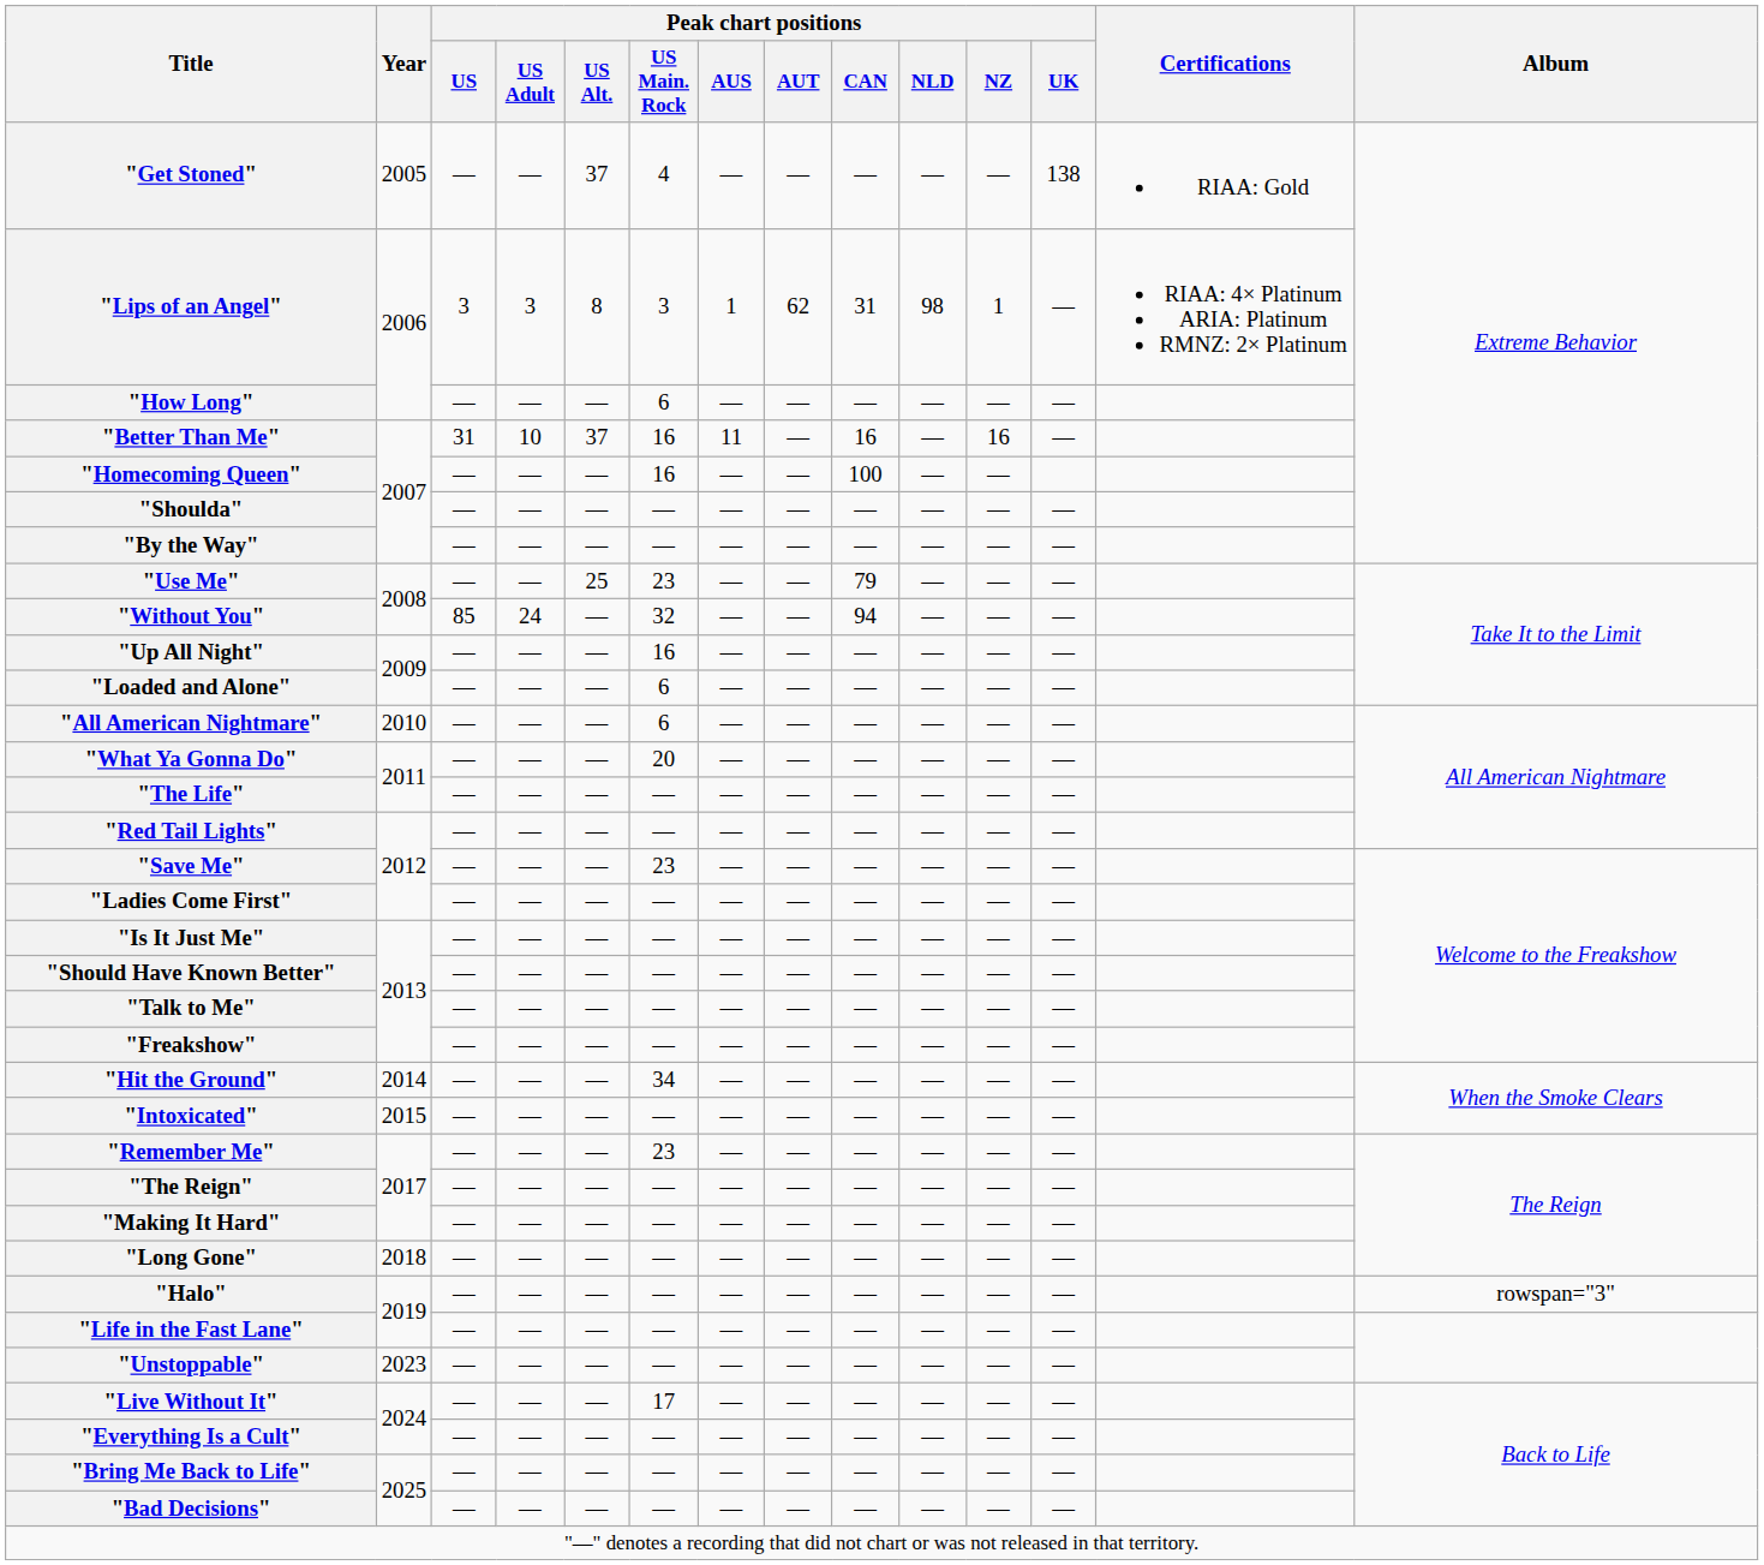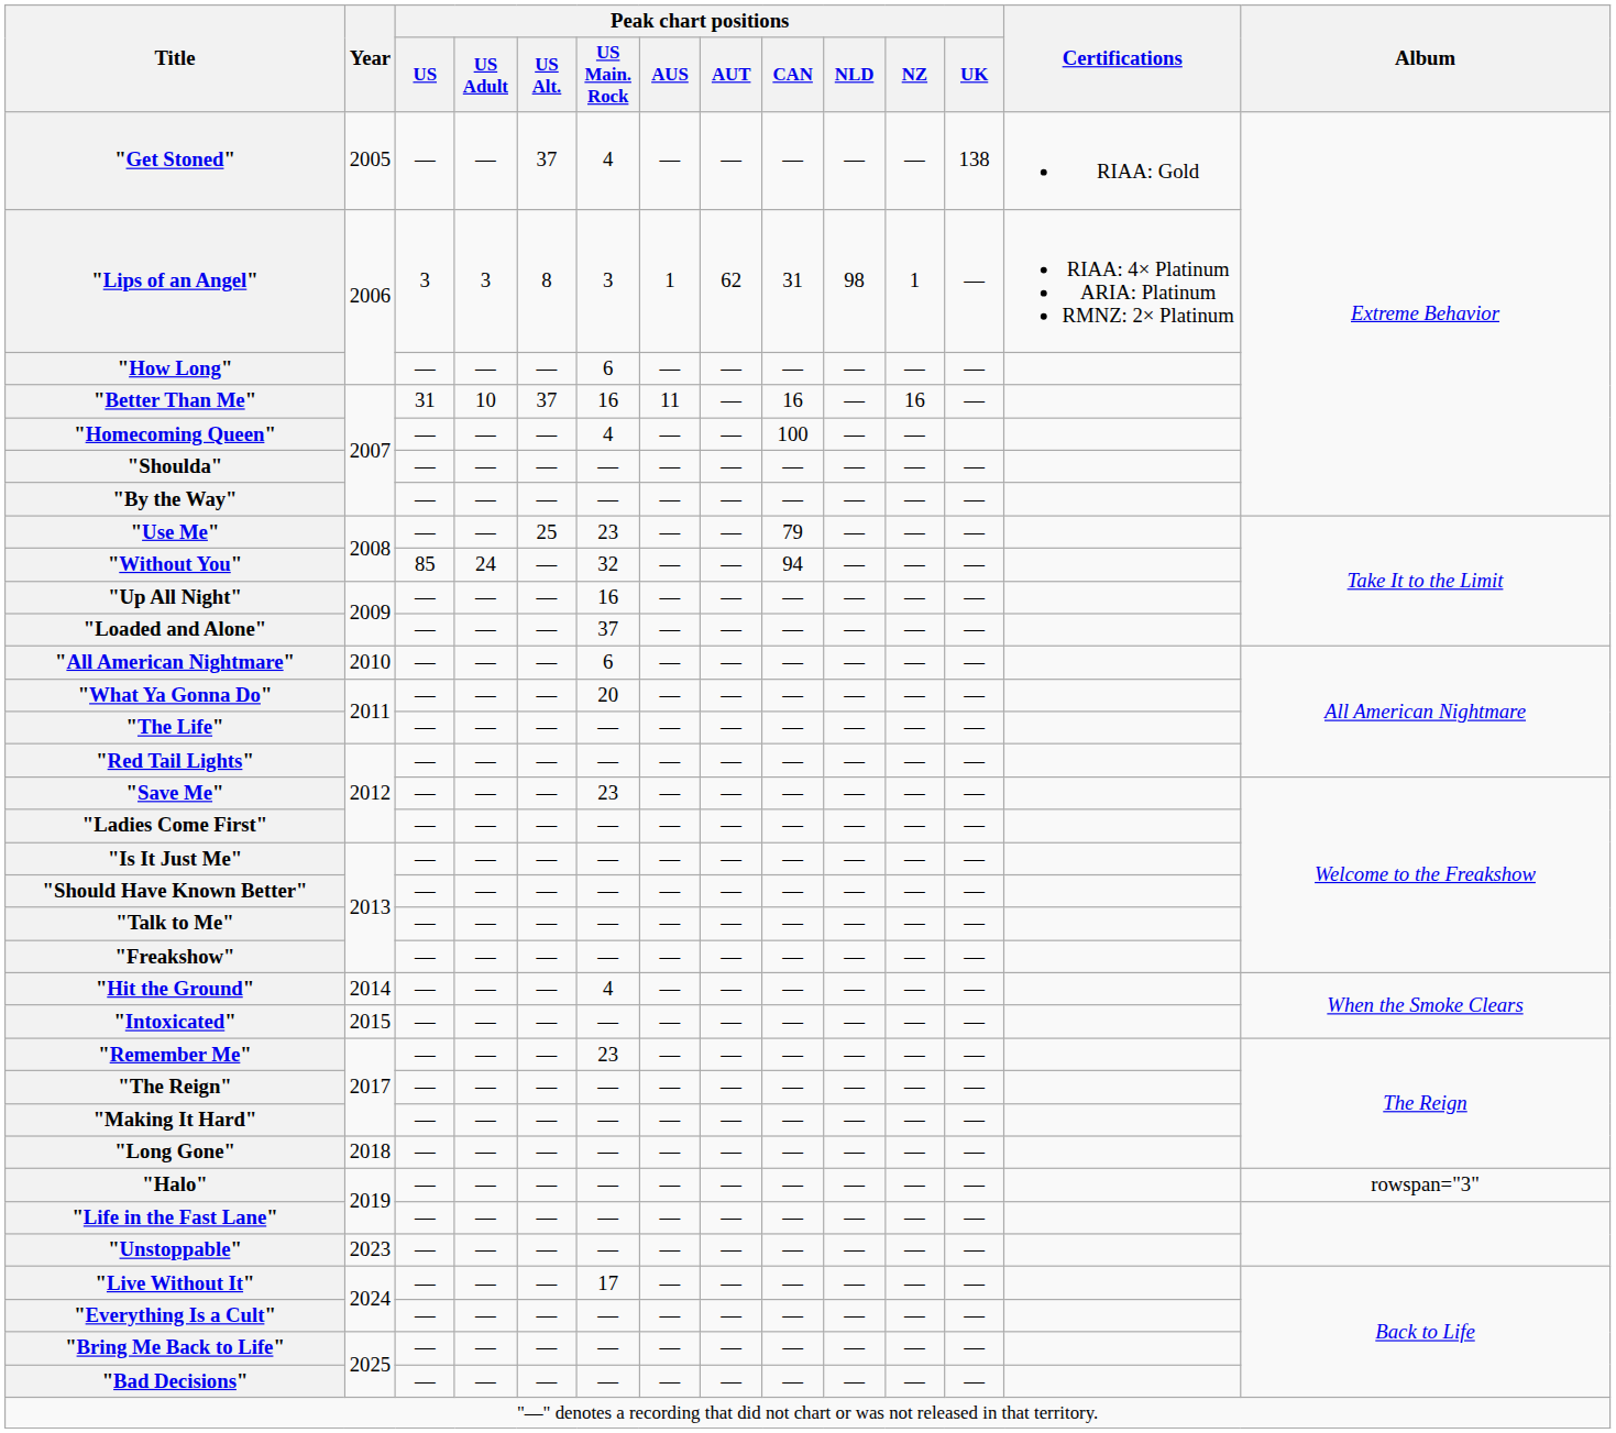 <table class="wikitable plainrowheaders" style="text-align:center;">
 <tr>
 <th scope="col" rowspan="2" style="width:18em;">Title</th>
 <th scope="col" rowspan="2">Year</th>
 <th scope="col" colspan="10">Peak chart positions</th>
 <th scope="col" rowspan="2" style="width:12em;"><a href='#'>Certifications</a></th>
 <th scope="col" rowspan="2" style="width:20em;">Album</th>
 </tr>
 <tr>
 <th scope="col" style="width:3em;font-size:90%;"><a href='#'>US</a><br></th>
 <th scope="col" style="width:3em;font-size:90%;"><a href='#'>US<br>Adult</a><br></th>
 <th scope="col" style="width:3em;font-size:90%;"><a href='#'>US<br>Alt.</a><br></th>
 <th scope="col" style="width:3em;font-size:90%;"><a href='#'>US<br>Main. Rock</a><br></th>
 <th scope="col" style="width:3em;font-size:90%;"><a href='#'>AUS</a><br></th>
 <th scope="col" style="width:3em;font-size:90%;"><a href='#'>AUT</a><br></th>
 <th scope="col" style="width:3em;font-size:90%;"><a href='#'>CAN</a><br></th>
 <th scope="col" style="width:3em;font-size:90%;"><a href='#'>NLD</a><br></th>
 <th scope="col" style="width:3em;font-size:90%;"><a href='#'>NZ</a><br></th>
 <th scope="col" style="width:3em;font-size:90%;"><a href='#'>UK</a><br></th>
 </tr>
 <tr>
 <th scope="row">"<a href='#'>Get Stoned</a>"</th>
 <td>2005</td>
 <td>—</td>
 <td>—</td>
 <td>37</td>
 <td>4</td>
 <td>—</td>
 <td>—</td>
 <td>—</td>
 <td>—</td>
 <td>—</td>
 <td>138</td>
 <td><br><ul><li>RIAA: Gold</li></ul></td>
 <td rowspan="7"><em><a href='#'>Extreme Behavior</a></em></td>
 </tr>
 <tr>
 <th scope="row">"<a href='#'>Lips of an Angel</a>"</th>
 <td rowspan="2">2006</td>
 <td>3</td>
 <td>3</td>
 <td>8</td>
 <td>3</td>
 <td>1</td>
 <td>62</td>
 <td>31</td>
 <td>98</td>
 <td>1</td>
 <td>—</td>
 <td><br><ul><li>RIAA: 4× Platinum</li><li>ARIA: Platinum</li><li>RMNZ: 2× Platinum</li></ul></td>
 </tr>
 <tr>
 <th scope="row">"<a href='#'>How Long</a>"</th>
 <td>—</td>
 <td>—</td>
 <td>—</td>
 <td>6</td>
 <td>—</td>
 <td>—</td>
 <td>—</td>
 <td>—</td>
 <td>—</td>
 <td>—</td>
 <td></td>
 </tr>
 <tr>
 <th scope="row">"<a href='#'>Better Than Me</a>"</th>
 <td rowspan="4">2007</td>
 <td>31</td>
 <td>10</td>
 <td>37</td>
 <td>16</td>
 <td>11</td>
 <td>—</td>
 <td>16</td>
 <td>—</td>
 <td>16</td>
 <td>—</td>
 <td></td>
 </tr>
 <tr>
 <th scope="row">"<a href='#'>Homecoming Queen</a>"</th>
 <td>—</td>
 <td>—</td>
 <td>—</td>
-<td>16</td>
+<td>4</td>
 <td>—</td>
 <td>—</td>
 <td>100</td>
 <td>—</td>
 <td>—</td>
 <td —></td>
 </tr>
 <tr>
 <th scope="row">"Shoulda"</th>
 <td>—</td>
 <td>—</td>
 <td>—</td>
 <td>—</td>
 <td>—</td>
 <td>—</td>
 <td>—</td>
 <td>—</td>
 <td>—</td>
 <td>—</td>
 <td></td>
 </tr>
 <tr>
 <th scope="row">"By the Way"</th>
 <td>—</td>
 <td>—</td>
 <td>—</td>
 <td>—</td>
 <td>—</td>
 <td>—</td>
 <td>—</td>
 <td>—</td>
 <td>—</td>
 <td>—</td>
 <td></td>
 </tr>
 <tr>
 <th scope="row">"<a href='#'>Use Me</a>"</th>
 <td rowspan="2">2008</td>
 <td>—</td>
 <td>—</td>
 <td>25</td>
 <td>23</td>
 <td>—</td>
 <td>—</td>
 <td>79</td>
 <td>—</td>
 <td>—</td>
 <td>—</td>
 <td></td>
 <td rowspan="4"><em><a href='#'>Take It to the Limit</a></em></td>
 </tr>
 <tr>
 <th scope="row">"<a href='#'>Without You</a>"</th>
 <td>85</td>
 <td>24</td>
 <td>—</td>
 <td>32</td>
 <td>—</td>
 <td>—</td>
 <td>94</td>
 <td>—</td>
 <td>—</td>
 <td>—</td>
 <td></td>
 </tr>
 <tr>
 <th scope="row">"Up All Night"</th>
 <td rowspan="2">2009</td>
 <td>—</td>
 <td>—</td>
 <td>—</td>
 <td>16</td>
 <td>—</td>
 <td>—</td>
 <td>—</td>
 <td>—</td>
 <td>—</td>
 <td>—</td>
 <td></td>
 </tr>
 <tr>
 <th scope="row">"Loaded and Alone"</th>
 <td>—</td>
 <td>—</td>
 <td>—</td>
-<td>6</td>
+<td>37</td>
 <td>—</td>
 <td>—</td>
 <td>—</td>
 <td>—</td>
 <td>—</td>
 <td>—</td>
 <td></td>
 </tr>
 <tr>
 <th scope="row">"<a href='#'>All American Nightmare</a>"</th>
 <td>2010</td>
 <td>—</td>
 <td>—</td>
 <td>—</td>
 <td>6</td>
 <td>—</td>
 <td>—</td>
 <td>—</td>
 <td>—</td>
 <td>—</td>
 <td>—</td>
 <td></td>
 <td rowspan="4"><em><a href='#'>All American Nightmare</a></em></td>
 </tr>
 <tr>
 <th scope="row">"<a href='#'>What Ya Gonna Do</a>"</th>
 <td rowspan="2">2011</td>
 <td>—</td>
 <td>—</td>
 <td>—</td>
 <td>20</td>
 <td>—</td>
 <td>—</td>
 <td>—</td>
 <td>—</td>
 <td>—</td>
 <td>—</td>
 <td></td>
 </tr>
 <tr>
 <th scope="row">"<a href='#'>The Life</a>"</th>
 <td>—</td>
 <td>—</td>
 <td>—</td>
 <td>—</td>
 <td>—</td>
 <td>—</td>
 <td>—</td>
 <td>—</td>
 <td>—</td>
 <td>—</td>
 <td></td>
 </tr>
 <tr>
 <th scope="row">"<a href='#'>Red Tail Lights</a>"</th>
 <td rowspan="3">2012</td>
 <td>—</td>
 <td>—</td>
 <td>—</td>
 <td>—</td>
 <td>—</td>
 <td>—</td>
 <td>—</td>
 <td>—</td>
 <td>—</td>
 <td>—</td>
 <td></td>
 </tr>
 <tr>
 <th scope="row">"<a href='#'>Save Me</a>"</th>
 <td>—</td>
 <td>—</td>
 <td>—</td>
 <td>23</td>
 <td>—</td>
 <td>—</td>
 <td>—</td>
 <td>—</td>
 <td>—</td>
 <td>—</td>
 <td></td>
 <td rowspan="6"><em><a href='#'>Welcome to the Freakshow</a></em></td>
 </tr>
 <tr>
 <th scope="row">"Ladies Come First"</th>
 <td>—</td>
 <td>—</td>
 <td>—</td>
 <td>—</td>
 <td>—</td>
 <td>—</td>
 <td>—</td>
 <td>—</td>
 <td>—</td>
 <td>—</td>
 <td></td>
 </tr>
 <tr>
 <th scope="row">"Is It Just Me"</th>
 <td rowspan="4">2013</td>
 <td>—</td>
 <td>—</td>
 <td>—</td>
 <td>—</td>
 <td>—</td>
 <td>—</td>
 <td>—</td>
 <td>—</td>
 <td>—</td>
 <td>—</td>
 <td></td>
 </tr>
 <tr>
 <th scope="row">"Should Have Known Better"</th>
 <td>—</td>
 <td>—</td>
 <td>—</td>
 <td>—</td>
 <td>—</td>
 <td>—</td>
 <td>—</td>
 <td>—</td>
 <td>—</td>
 <td>—</td>
 <td></td>
 </tr>
 <tr>
 <th scope="row">"Talk to Me"</th>
 <td>—</td>
 <td>—</td>
 <td>—</td>
 <td>—</td>
 <td>—</td>
 <td>—</td>
 <td>—</td>
 <td>—</td>
 <td>—</td>
 <td>—</td>
 <td></td>
 </tr>
 <tr>
 <th scope="row">"Freakshow"</th>
 <td>—</td>
 <td>—</td>
 <td>—</td>
 <td>—</td>
 <td>—</td>
 <td>—</td>
 <td>—</td>
 <td>—</td>
 <td>—</td>
 <td>—</td>
 <td></td>
 </tr>
 <tr>
 <th scope="row">"<a href='#'>Hit the Ground</a>"</th>
 <td>2014</td>
 <td>—</td>
 <td>—</td>
 <td>—</td>
-<td>34</td>
+<td>4</td>
 <td>—</td>
 <td>—</td>
 <td>—</td>
 <td>—</td>
 <td>—</td>
 <td>—</td>
 <td></td>
 <td rowspan="2"><em><a href='#'>When the Smoke Clears</a></em></td>
 </tr>
 <tr>
 <th scope="row">"<a href='#'>Intoxicated</a>"</th>
 <td>2015</td>
 <td>—</td>
 <td>—</td>
 <td>—</td>
 <td>—</td>
 <td>—</td>
 <td>—</td>
 <td>—</td>
 <td>—</td>
 <td>—</td>
 <td>—</td>
 <td></td>
 </tr>
 <tr>
 <th scope="row">"<a href='#'>Remember Me</a>"</th>
 <td rowspan="3">2017</td>
 <td>—</td>
 <td>—</td>
 <td>—</td>
 <td>23</td>
 <td>—</td>
 <td>—</td>
 <td>—</td>
 <td>—</td>
 <td>—</td>
 <td>—</td>
 <td></td>
 <td rowspan="4"><em><a href='#'>The Reign</a></em></td>
 </tr>
 <tr>
 <th scope="row">"The Reign"</th>
 <td>—</td>
 <td>—</td>
 <td>—</td>
 <td>—</td>
 <td>—</td>
 <td>—</td>
 <td>—</td>
 <td>—</td>
 <td>—</td>
 <td>—</td>
 <td></td>
 </tr>
 <tr>
 <th scope="row">"Making It Hard"</th>
 <td>—</td>
 <td>—</td>
 <td>—</td>
 <td>—</td>
 <td>—</td>
 <td>—</td>
 <td>—</td>
 <td>—</td>
 <td>—</td>
 <td>—</td>
 <td></td>
 </tr>
 <tr>
 <th scope="row">"Long Gone"</th>
 <td>2018</td>
 <td>—</td>
 <td>—</td>
 <td>—</td>
 <td>—</td>
 <td>—</td>
 <td>—</td>
 <td>—</td>
 <td>—</td>
 <td>—</td>
 <td>—</td>
 <td></td>
 </tr>
 <tr>
 <th scope="row">"Halo"</th>
 <td rowspan="2">2019</td>
 <td>—</td>
 <td>—</td>
 <td>—</td>
 <td>—</td>
 <td>—</td>
 <td>—</td>
 <td>—</td>
 <td>—</td>
 <td>—</td>
 <td>—</td>
 <td></td>
 <td>rowspan="3" </td>
 </tr>
 <tr>
 <th scope="row">"<a href='#'>Life in the Fast Lane</a>"</th>
 <td>—</td>
 <td>—</td>
 <td>—</td>
 <td>—</td>
 <td>—</td>
 <td>—</td>
 <td>—</td>
 <td>—</td>
 <td>—</td>
 <td>—</td>
 <td></td>
 </tr>
 <tr>
 <th scope="row">"<a href='#'>Unstoppable</a>" </th>
 <td>2023</td>
 <td>—</td>
 <td>—</td>
 <td>—</td>
 <td>—</td>
 <td>—</td>
 <td>—</td>
 <td>—</td>
 <td>—</td>
 <td>—</td>
 <td>—</td>
 <td></td>
 </tr>
 <tr>
 <th scope="row">"<a href='#'>Live Without It</a>"</th>
 <td rowspan="2">2024</td>
 <td>—</td>
 <td>—</td>
 <td>—</td>
 <td>17</td>
 <td>—</td>
 <td>—</td>
 <td>—</td>
 <td>—</td>
 <td>—</td>
 <td>—</td>
 <td></td>
 <td rowspan="4"><em><a href='#'>Back to Life</a></em></td>
 </tr>
 <tr>
 <th scope="row">"<a href='#'>Everything Is a Cult</a>"</th>
 <td>—</td>
 <td>—</td>
 <td>—</td>
 <td>—</td>
 <td>—</td>
 <td>—</td>
 <td>—</td>
 <td>—</td>
 <td>—</td>
 <td>—</td>
 <td></td>
 </tr>
 <tr>
 <th scope="row">"<a href='#'>Bring Me Back to Life</a>"</th>
 <td rowspan="2">2025</td>
 <td>—</td>
 <td>—</td>
 <td>—</td>
 <td>—</td>
 <td>—</td>
 <td>—</td>
 <td>—</td>
 <td>—</td>
 <td>—</td>
 <td>—</td>
 <td></td>
 </tr>
 <tr>
 <th scope="row">"<a href='#'>Bad Decisions</a>"</th>
 <td>—</td>
 <td>—</td>
 <td>—</td>
 <td>—</td>
 <td>—</td>
 <td>—</td>
 <td>—</td>
 <td>—</td>
 <td>—</td>
 <td>—</td>
 <td></td>
 </tr>
 <tr>
 <td colspan="14" style="font-size:90%">"—" denotes a recording that did not chart or was not released in that territory.</td>
 </tr>
 </table>
